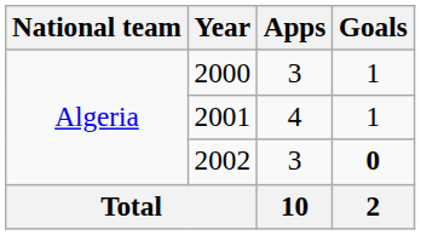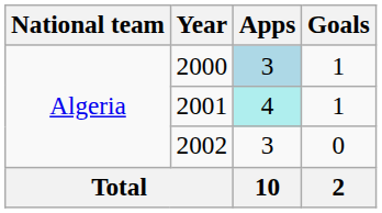 <table class="wikitable" style="text-align: center;">
 <tr>
 <th>National team</th>
 <th>Year</th>
 <th>Apps</th>
 <th>Goals</th>
 </tr>
 <tr>
 <td rowspan="3"><a href='#'>Algeria</a></td>
 <td>2000</td>
-<td>3</td>
+<td style="background: lightblue;">3</td>
 <td>1</td>
 </tr>
 <tr>
 <td>2001</td>
-<td>4</td>
+<td style="background: paleturquoise;">4</td>
 <td>1</td>
 </tr>
 <tr>
 <td>2002</td>
 <td>3</td>
-<td><strong>0</strong></td>
+<td>0</td>
 </tr>
 <tr>
 <th colspan="2">Total</th>
 <th>10</th>
 <th>2</th>
 </tr>
 </table>
